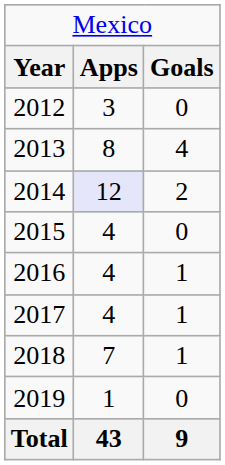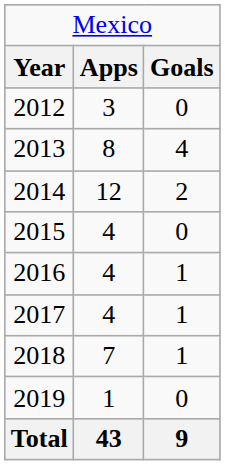 <table class="wikitable" style="text-align:center">
 <tr>
 <td colspan=3><a href='#'>Mexico</a></td>
 </tr>
 <tr>
 <th>Year</th>
 <th>Apps</th>
 <th>Goals</th>
 </tr>
 <tr>
 <td>2012</td>
 <td>3</td>
 <td>0</td>
 </tr>
 <tr>
 <td>2013</td>
 <td>8</td>
 <td>4</td>
 </tr>
 <tr>
 <td>2014</td>
-<td style="background: lavender;">12</td>
+<td>12</td>
 <td>2</td>
 </tr>
 <tr>
 <td>2015</td>
 <td>4</td>
 <td>0</td>
 </tr>
 <tr>
 <td>2016</td>
 <td>4</td>
 <td>1</td>
 </tr>
 <tr>
 <td>2017</td>
 <td>4</td>
 <td>1</td>
 </tr>
 <tr>
 <td>2018</td>
 <td>7</td>
 <td>1</td>
 </tr>
 <tr>
 <td>2019</td>
 <td>1</td>
 <td>0</td>
 </tr>
 <tr>
 <th>Total</th>
 <th>43</th>
 <th>9</th>
 </tr>
 </table>
